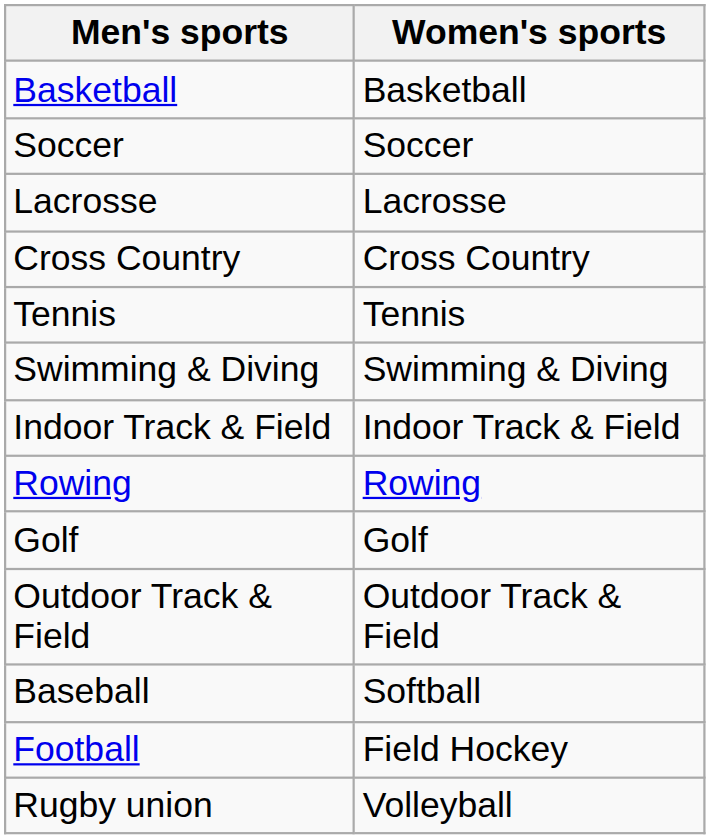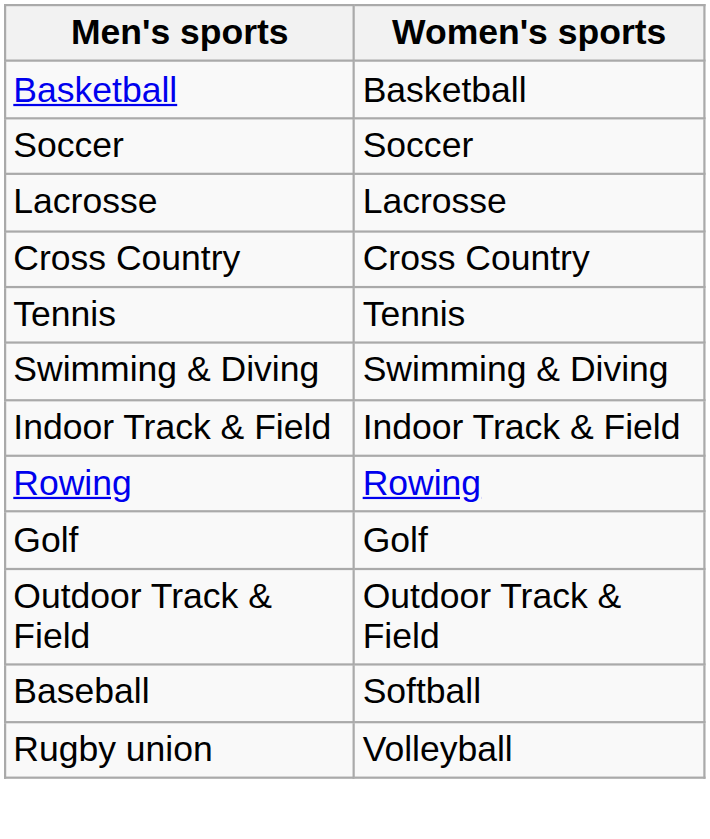 <table class="wikitable"; style= "text-align: ">
 <tr>
 <th width=150px>Men's sports</th>
 <th width=150px>Women's sports</th>
 </tr>
 <tr>
 <td><a href='#'>Basketball</a></td>
 <td>Basketball</td>
 </tr>
 <tr>
 <td>Soccer</td>
 <td>Soccer</td>
 </tr>
 <tr>
 <td>Lacrosse</td>
 <td>Lacrosse</td>
 </tr>
 <tr>
 <td>Cross Country</td>
 <td>Cross Country</td>
 </tr>
 <tr>
 <td>Tennis</td>
 <td>Tennis</td>
 </tr>
 <tr>
 <td>Swimming & Diving</td>
 <td>Swimming & Diving</td>
 </tr>
 <tr>
 <td>Indoor Track & Field</td>
 <td>Indoor Track & Field</td>
 </tr>
 <tr>
 <td><a href='#'>Rowing</a></td>
 <td><a href='#'>Rowing</a></td>
 </tr>
 <tr>
 <td>Golf</td>
 <td>Golf</td>
 </tr>
 <tr>
 <td>Outdoor Track & Field</td>
 <td>Outdoor Track & Field</td>
 </tr>
 <tr>
 <td>Baseball</td>
 <td>Softball</td>
 </tr>
 <tr>
-<td><a href='#'>Football</a></td>
-<td>Field Hockey</td>
-</tr>
-<tr>
 <td>Rugby union</td>
 <td>Volleyball</td>
 </tr>
 </table>
